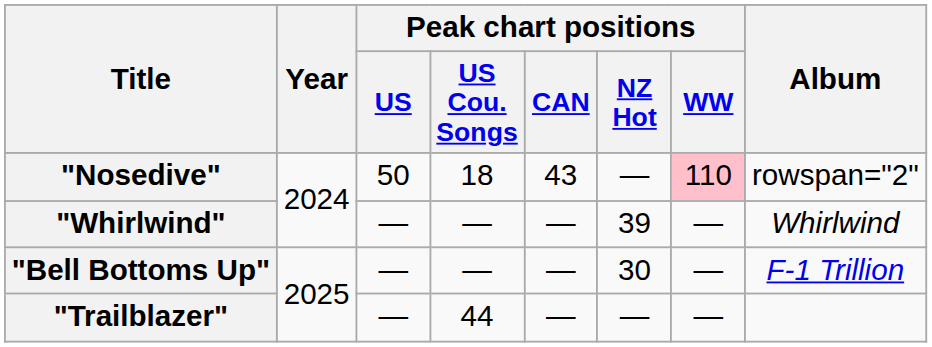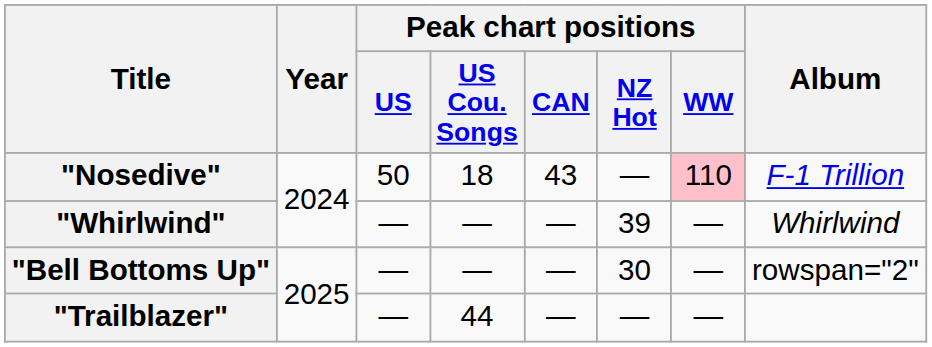 <table class="wikitable plainrowheaders" style="text-align:center;" border="1">
 <tr>
 <th scope="col" rowspan="2">Title</th>
 <th scope="col" rowspan="2">Year</th>
 <th scope="col" colspan="5">Peak chart positions</th>
 <th scope="col" rowspan="2">Album</th>
 </tr>
 <tr>
 <th scope="col" style="width:2.3em;font-size:90%;"><a href='#'>US</a><br></th>
 <th scope="col" style="width:2.3em;font-size:90%;"><a href='#'>US<br>Cou.<br>Songs</a><br></th>
 <th scope="col" style="width:2.3em;font-size:90%;"><a href='#'>CAN</a><br></th>
 <th scope="col" style="width:2.3em;font-size:90%;"><a href='#'>NZ<br>Hot</a><br></th>
 <th scope="col" style="width:2.3em;font-size:90%;"><a href='#'>WW</a><br></th>
 </tr>
 <tr>
 <th scope="row">"Nosedive"<br></th>
 <td rowspan="2">2024</td>
 <td>50</td>
 <td>18</td>
 <td>43</td>
 <td>—</td>
 <td style="background: pink;">110</td>
-<td>rowspan="2" </td>
+<td><em><a href='#'>F-1 Trillion</a></em></td>
 </tr>
 <tr>
 <th scope="row">"Whirlwind"</th>
 <td>—</td>
 <td>—</td>
 <td>—</td>
 <td>39</td>
 <td>—</td>
 <td><em>Whirlwind</em></td>
 </tr>
 <tr>
 <th scope="row">"Bell Bottoms Up"</th>
 <td rowspan="2">2025</td>
 <td>—</td>
 <td>—</td>
 <td>—</td>
 <td>30</td>
 <td>—</td>
-<td><em><a href='#'>F-1 Trillion</a></em></td>
+<td>rowspan="2" </td>
 </tr>
 <tr>
 <th scope="row">"Trailblazer"<br></th>
 <td>—</td>
 <td>44</td>
 <td>—</td>
 <td>—</td>
 <td>—</td>
 </tr>
 </table>
